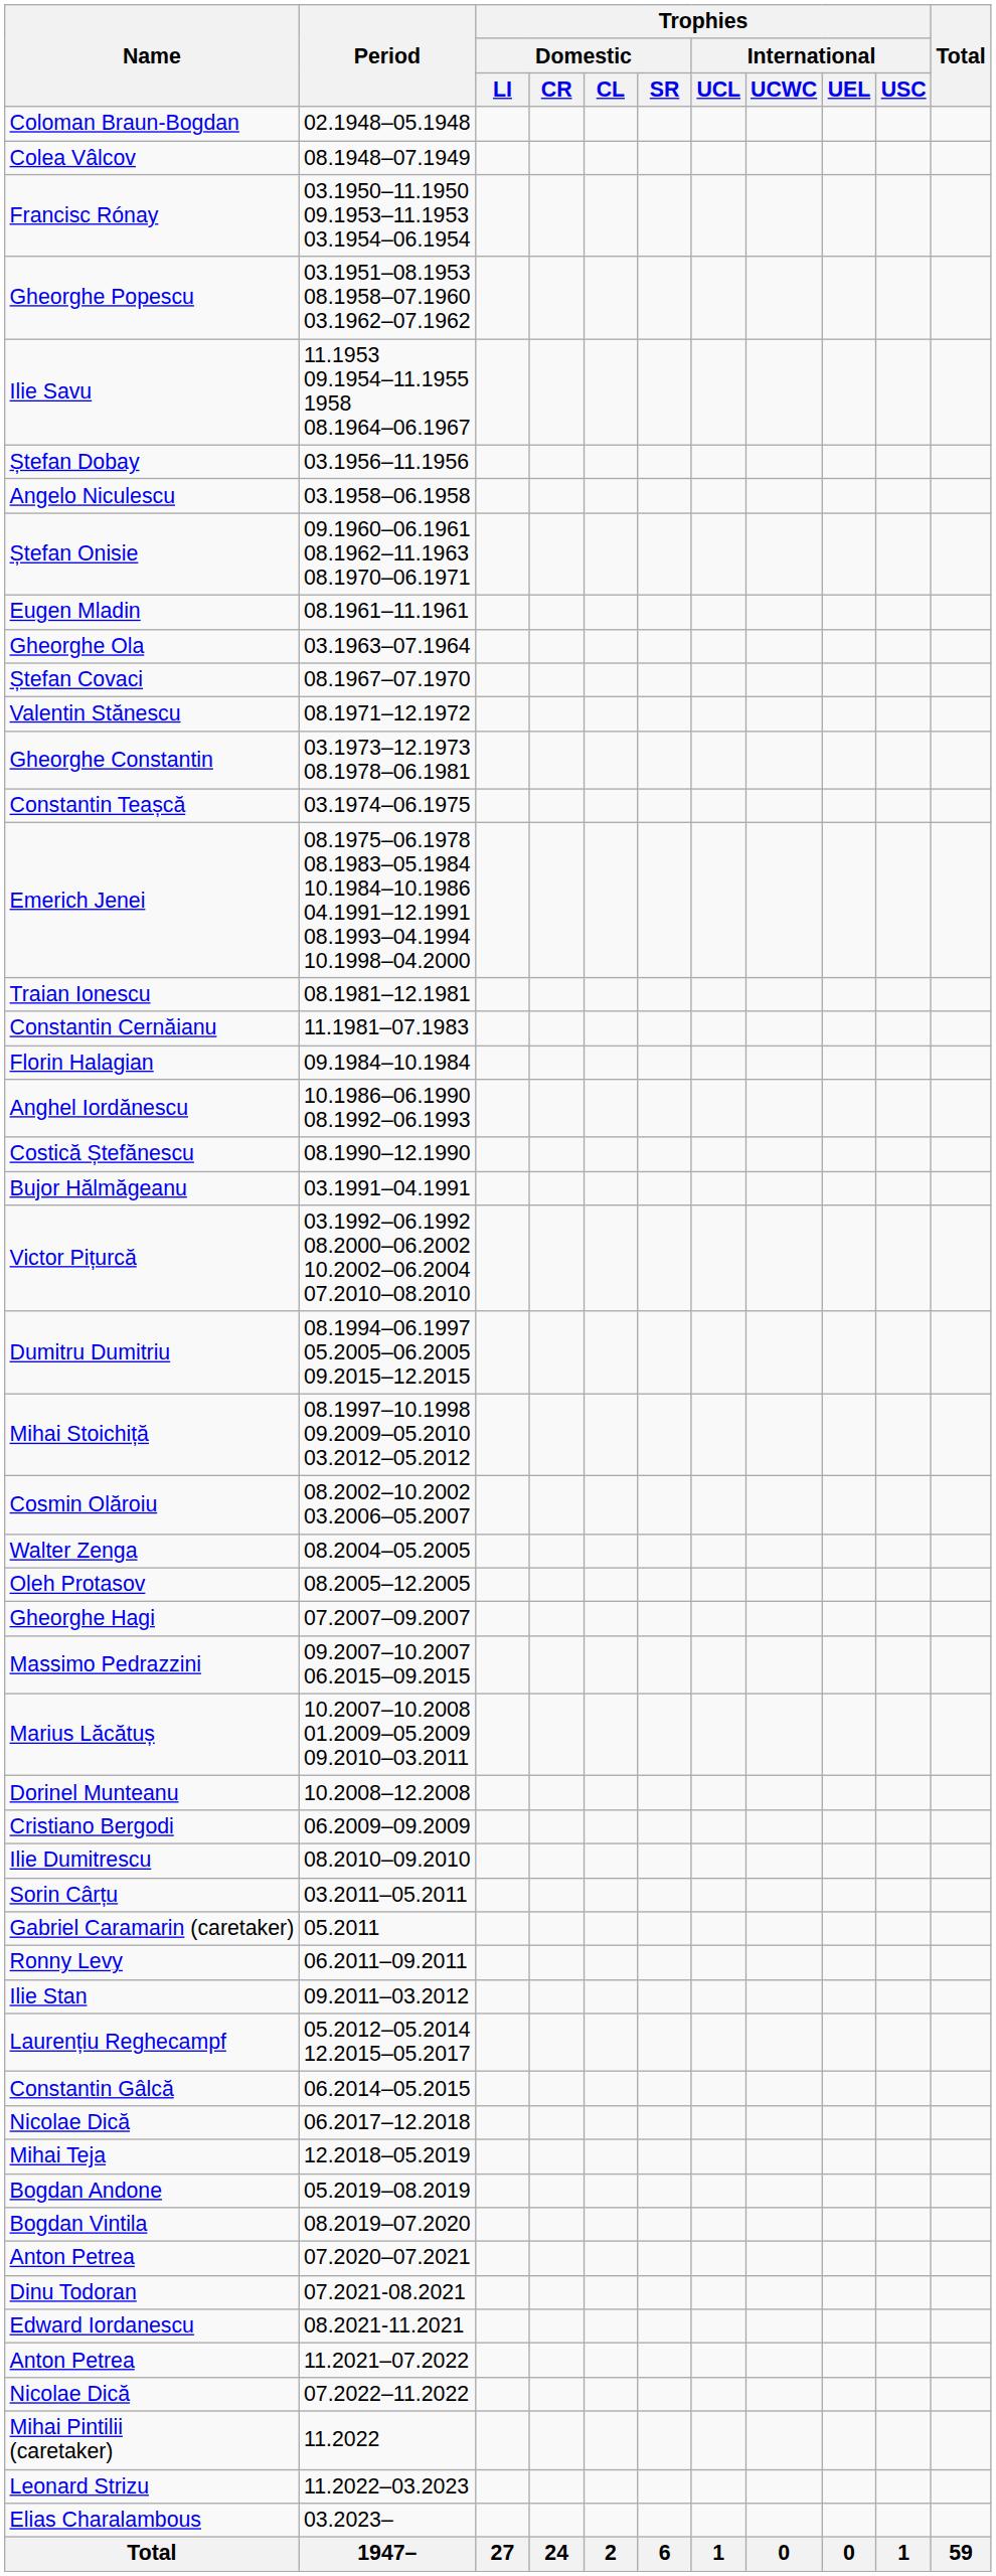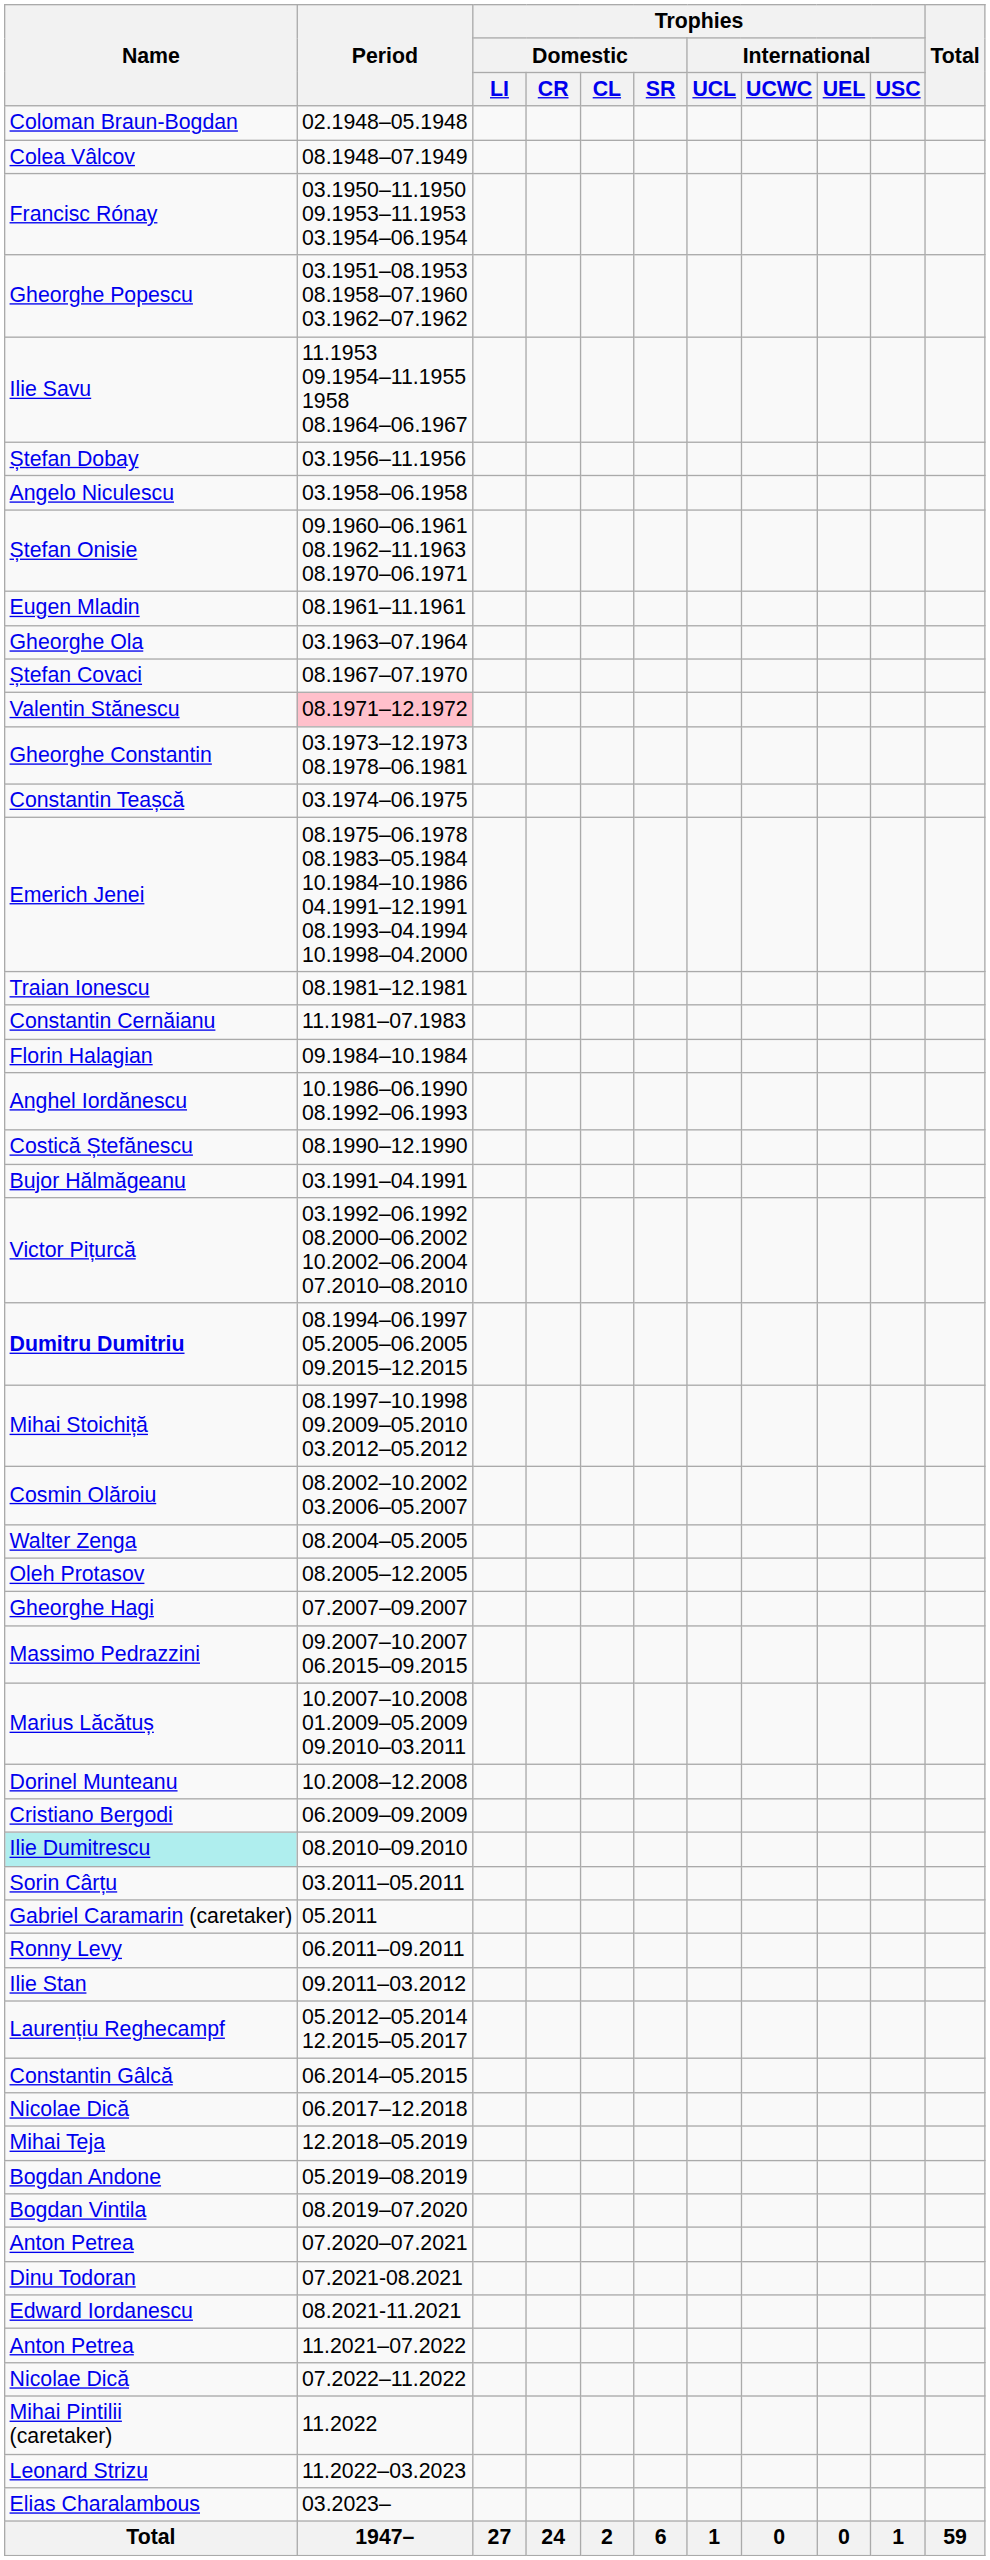 <table class="wikitable">
 <tr>
 <th rowspan="3">Name</th>
 <th rowspan="3">Period</th>
 <th colspan="8">Trophies</th>
 <th rowspan="3">Total</th>
 </tr>
 <tr>
 <th colspan="4">Domestic</th>
 <th colspan="4">International</th>
 </tr>
 <tr>
 <th width="33"><a href='#'>LI</a></th>
 <th width="33"><a href='#'>CR</a></th>
 <th width="33"><a href='#'>CL</a></th>
 <th width="33"><a href='#'>SR</a></th>
 <th width="33"><a href='#'>UCL</a></th>
 <th width="33"><a href='#'>UCWC</a></th>
 <th width="33"><a href='#'>UEL</a></th>
 <th width="33"><a href='#'>USC</a></th>
 </tr>
 <tr>
 <td> <a href='#'>Coloman Braun-Bogdan</a></td>
 <td>02.1948–05.1948</td>
 <td></td>
 <td></td>
 <td></td>
 <td></td>
 <td></td>
 <td></td>
 <td></td>
 <td></td>
 <td></td>
 </tr>
 <tr>
 <td> <a href='#'>Colea Vâlcov</a></td>
 <td>08.1948–07.1949</td>
 <td></td>
 <td></td>
 <td></td>
 <td></td>
 <td></td>
 <td></td>
 <td></td>
 <td></td>
 <td></td>
 </tr>
 <tr>
 <td> <a href='#'>Francisc Rónay</a></td>
 <td>03.1950–11.1950<br>09.1953–11.1953<br>03.1954–06.1954</td>
 <td></td>
 <td></td>
 <td></td>
 <td></td>
 <td></td>
 <td></td>
 <td></td>
 <td></td>
 <td></td>
 </tr>
 <tr>
 <td> <a href='#'>Gheorghe Popescu</a></td>
 <td>03.1951–08.1953<br>08.1958–07.1960<br>03.1962–07.1962</td>
 <td></td>
 <td></td>
 <td></td>
 <td></td>
 <td></td>
 <td></td>
 <td></td>
 <td></td>
 <td></td>
 </tr>
 <tr>
 <td> <a href='#'>Ilie Savu</a></td>
 <td>11.1953<br>09.1954–11.1955<br>1958<br>08.1964–06.1967</td>
 <td></td>
 <td></td>
 <td></td>
 <td></td>
 <td></td>
 <td></td>
 <td></td>
 <td></td>
 <td></td>
 </tr>
 <tr>
 <td> <a href='#'>Ștefan Dobay</a></td>
 <td>03.1956–11.1956</td>
 <td></td>
 <td></td>
 <td></td>
 <td></td>
 <td></td>
 <td></td>
 <td></td>
 <td></td>
 <td></td>
 </tr>
 <tr>
 <td> <a href='#'>Angelo Niculescu</a></td>
 <td>03.1958–06.1958</td>
 <td></td>
 <td></td>
 <td></td>
 <td></td>
 <td></td>
 <td></td>
 <td></td>
 <td></td>
 <td></td>
 </tr>
 <tr>
 <td> <a href='#'>Ștefan Onisie</a></td>
 <td>09.1960–06.1961<br>08.1962–11.1963<br>08.1970–06.1971</td>
 <td></td>
 <td></td>
 <td></td>
 <td></td>
 <td></td>
 <td></td>
 <td></td>
 <td></td>
 <td></td>
 </tr>
 <tr>
 <td> <a href='#'>Eugen Mladin</a></td>
 <td>08.1961–11.1961</td>
 <td></td>
 <td></td>
 <td></td>
 <td></td>
 <td></td>
 <td></td>
 <td></td>
 <td></td>
 <td></td>
 </tr>
 <tr>
 <td> <a href='#'>Gheorghe Ola</a></td>
 <td>03.1963–07.1964</td>
 <td></td>
 <td></td>
 <td></td>
 <td></td>
 <td></td>
 <td></td>
 <td></td>
 <td></td>
 <td></td>
 </tr>
 <tr>
 <td> <a href='#'>Ștefan Covaci</a></td>
 <td>08.1967–07.1970</td>
 <td></td>
 <td></td>
 <td></td>
 <td></td>
 <td></td>
 <td></td>
 <td></td>
 <td></td>
 <td></td>
 </tr>
 <tr>
 <td> <a href='#'>Valentin Stănescu</a></td>
-<td>08.1971–12.1972</td>
+<td style="background: pink;">08.1971–12.1972</td>
 <td></td>
 <td></td>
 <td></td>
 <td></td>
 <td></td>
 <td></td>
 <td></td>
 <td></td>
 <td></td>
 </tr>
 <tr>
 <td> <a href='#'>Gheorghe Constantin</a></td>
 <td>03.1973–12.1973<br>08.1978–06.1981</td>
 <td></td>
 <td></td>
 <td></td>
 <td></td>
 <td></td>
 <td></td>
 <td></td>
 <td></td>
 <td></td>
 </tr>
 <tr>
 <td> <a href='#'>Constantin Teașcă</a></td>
 <td>03.1974–06.1975</td>
 <td></td>
 <td></td>
 <td></td>
 <td></td>
 <td></td>
 <td></td>
 <td></td>
 <td></td>
 <td></td>
 </tr>
 <tr>
 <td> <a href='#'>Emerich Jenei</a></td>
 <td>08.1975–06.1978<br>08.1983–05.1984<br>10.1984–10.1986<br>04.1991–12.1991<br>08.1993–04.1994<br>10.1998–04.2000</td>
 <td></td>
 <td></td>
 <td></td>
 <td></td>
 <td></td>
 <td></td>
 <td></td>
 <td></td>
 <td></td>
 </tr>
 <tr>
 <td> <a href='#'>Traian Ionescu</a></td>
 <td>08.1981–12.1981</td>
 <td></td>
 <td></td>
 <td></td>
 <td></td>
 <td></td>
 <td></td>
 <td></td>
 <td></td>
 <td></td>
 </tr>
 <tr>
 <td> <a href='#'>Constantin Cernăianu</a></td>
 <td>11.1981–07.1983</td>
 <td></td>
 <td></td>
 <td></td>
 <td></td>
 <td></td>
 <td></td>
 <td></td>
 <td></td>
 <td></td>
 </tr>
 <tr>
 <td> <a href='#'>Florin Halagian</a></td>
 <td>09.1984–10.1984</td>
 <td></td>
 <td></td>
 <td></td>
 <td></td>
 <td></td>
 <td></td>
 <td></td>
 <td></td>
 <td></td>
 </tr>
 <tr>
 <td> <a href='#'>Anghel Iordănescu</a></td>
 <td>10.1986–06.1990<br>08.1992–06.1993</td>
 <td></td>
 <td></td>
 <td></td>
 <td></td>
 <td></td>
 <td></td>
 <td></td>
 <td></td>
 <td></td>
 </tr>
 <tr>
 <td> <a href='#'>Costică Ștefănescu</a></td>
 <td>08.1990–12.1990</td>
 <td></td>
 <td></td>
 <td></td>
 <td></td>
 <td></td>
 <td></td>
 <td></td>
 <td></td>
 <td></td>
 </tr>
 <tr>
 <td> <a href='#'>Bujor Hălmăgeanu</a></td>
 <td>03.1991–04.1991</td>
 <td></td>
 <td></td>
 <td></td>
 <td></td>
 <td></td>
 <td></td>
 <td></td>
 <td></td>
 <td></td>
 </tr>
 <tr>
 <td> <a href='#'>Victor Pițurcă</a></td>
 <td>03.1992–06.1992<br>08.2000–06.2002<br>10.2002–06.2004<br>07.2010–08.2010</td>
 <td></td>
 <td></td>
 <td></td>
 <td></td>
 <td></td>
 <td></td>
 <td></td>
 <td></td>
 <td></td>
 </tr>
 <tr>
-<td> <a href='#'>Dumitru Dumitriu</a></td>
+<td><strong> <a href='#'>Dumitru Dumitriu</a></strong></td>
 <td>08.1994–06.1997<br>05.2005–06.2005<br>09.2015–12.2015</td>
 <td></td>
 <td></td>
 <td></td>
 <td></td>
 <td></td>
 <td></td>
 <td></td>
 <td></td>
 <td></td>
 </tr>
 <tr>
 <td> <a href='#'>Mihai Stoichiță</a></td>
 <td>08.1997–10.1998<br>09.2009–05.2010<br>03.2012–05.2012</td>
 <td></td>
 <td></td>
 <td></td>
 <td></td>
 <td></td>
 <td></td>
 <td></td>
 <td></td>
 <td></td>
 </tr>
 <tr>
 <td> <a href='#'>Cosmin Olăroiu</a></td>
 <td>08.2002–10.2002<br>03.2006–05.2007</td>
 <td></td>
 <td></td>
 <td></td>
 <td></td>
 <td></td>
 <td></td>
 <td></td>
 <td></td>
 <td></td>
 </tr>
 <tr>
 <td> <a href='#'>Walter Zenga</a></td>
 <td>08.2004–05.2005</td>
 <td></td>
 <td></td>
 <td></td>
 <td></td>
 <td></td>
 <td></td>
 <td></td>
 <td></td>
 <td></td>
 </tr>
 <tr>
 <td> <a href='#'>Oleh Protasov</a></td>
 <td>08.2005–12.2005</td>
 <td></td>
 <td></td>
 <td></td>
 <td></td>
 <td></td>
 <td></td>
 <td></td>
 <td></td>
 <td></td>
 </tr>
 <tr>
 <td> <a href='#'>Gheorghe Hagi</a></td>
 <td>07.2007–09.2007</td>
 <td></td>
 <td></td>
 <td></td>
 <td></td>
 <td></td>
 <td></td>
 <td></td>
 <td></td>
 <td></td>
 </tr>
 <tr>
 <td> <a href='#'>Massimo Pedrazzini</a></td>
 <td>09.2007–10.2007<br>06.2015–09.2015</td>
 <td></td>
 <td></td>
 <td></td>
 <td></td>
 <td></td>
 <td></td>
 <td></td>
 <td></td>
 <td></td>
 </tr>
 <tr>
 <td> <a href='#'>Marius Lăcătuș</a></td>
 <td>10.2007–10.2008<br>01.2009–05.2009<br>09.2010–03.2011</td>
 <td></td>
 <td></td>
 <td></td>
 <td></td>
 <td></td>
 <td></td>
 <td></td>
 <td></td>
 <td></td>
 </tr>
 <tr>
 <td> <a href='#'>Dorinel Munteanu</a></td>
 <td>10.2008–12.2008</td>
 <td></td>
 <td></td>
 <td></td>
 <td></td>
 <td></td>
 <td></td>
 <td></td>
 <td></td>
 <td></td>
 </tr>
 <tr>
 <td> <a href='#'>Cristiano Bergodi</a></td>
 <td>06.2009–09.2009</td>
 <td></td>
 <td></td>
 <td></td>
 <td></td>
 <td></td>
 <td></td>
 <td></td>
 <td></td>
 <td></td>
 </tr>
 <tr>
-<td> <a href='#'>Ilie Dumitrescu</a></td>
+<td style="background: paleturquoise;"> <a href='#'>Ilie Dumitrescu</a></td>
 <td>08.2010–09.2010</td>
 <td></td>
 <td></td>
 <td></td>
 <td></td>
 <td></td>
 <td></td>
 <td></td>
 <td></td>
 <td></td>
 </tr>
 <tr>
 <td> <a href='#'>Sorin Cârțu</a></td>
 <td>03.2011–05.2011</td>
 <td></td>
 <td></td>
 <td></td>
 <td></td>
 <td></td>
 <td></td>
 <td></td>
 <td></td>
 <td></td>
 </tr>
 <tr>
 <td> <a href='#'>Gabriel Caramarin</a> (caretaker)</td>
 <td>05.2011</td>
 <td></td>
 <td></td>
 <td></td>
 <td></td>
 <td></td>
 <td></td>
 <td></td>
 <td></td>
 <td></td>
 </tr>
 <tr>
 <td> <a href='#'>Ronny Levy</a></td>
 <td>06.2011–09.2011</td>
 <td></td>
 <td></td>
 <td></td>
 <td></td>
 <td></td>
 <td></td>
 <td></td>
 <td></td>
 <td></td>
 </tr>
 <tr>
 <td> <a href='#'>Ilie Stan</a></td>
 <td>09.2011–03.2012</td>
 <td></td>
 <td></td>
 <td></td>
 <td></td>
 <td></td>
 <td></td>
 <td></td>
 <td></td>
 <td></td>
 </tr>
 <tr>
 <td> <a href='#'>Laurențiu Reghecampf</a></td>
 <td>05.2012–05.2014<br>12.2015–05.2017</td>
 <td></td>
 <td></td>
 <td></td>
 <td></td>
 <td></td>
 <td></td>
 <td></td>
 <td></td>
 <td></td>
 </tr>
 <tr>
 <td> <a href='#'>Constantin Gâlcă</a></td>
 <td>06.2014–05.2015</td>
 <td></td>
 <td></td>
 <td></td>
 <td></td>
 <td></td>
 <td></td>
 <td></td>
 <td></td>
 <td></td>
 </tr>
 <tr>
 <td> <a href='#'>Nicolae Dică</a></td>
 <td>06.2017–12.2018</td>
 <td></td>
 <td></td>
 <td></td>
 <td></td>
 <td></td>
 <td></td>
 <td></td>
 <td></td>
 <td></td>
 </tr>
 <tr>
 <td> <a href='#'>Mihai Teja</a></td>
 <td>12.2018–05.2019</td>
 <td></td>
 <td></td>
 <td></td>
 <td></td>
 <td></td>
 <td></td>
 <td></td>
 <td></td>
 <td></td>
 </tr>
 <tr>
 <td> <a href='#'>Bogdan Andone</a></td>
 <td>05.2019–08.2019</td>
 <td></td>
 <td></td>
 <td></td>
 <td></td>
 <td></td>
 <td></td>
 <td></td>
 <td></td>
 <td></td>
 </tr>
 <tr>
 <td> <a href='#'>Bogdan Vintila</a></td>
 <td>08.2019–07.2020</td>
 <td></td>
 <td></td>
 <td></td>
 <td></td>
 <td></td>
 <td></td>
 <td></td>
 <td></td>
 <td></td>
 </tr>
 <tr>
 <td> <a href='#'>Anton Petrea</a></td>
 <td>07.2020–07.2021</td>
 <td></td>
 <td></td>
 <td></td>
 <td></td>
 <td></td>
 <td></td>
 <td></td>
 <td></td>
 <td></td>
 </tr>
 <tr>
 <td> <a href='#'>Dinu Todoran</a></td>
 <td>07.2021-08.2021</td>
 <td></td>
 <td></td>
 <td></td>
 <td></td>
 <td></td>
 <td></td>
 <td></td>
 <td></td>
 <td></td>
 </tr>
 <tr>
 <td> <a href='#'>Edward Iordanescu</a></td>
 <td>08.2021-11.2021</td>
 <td></td>
 <td></td>
 <td></td>
 <td></td>
 <td></td>
 <td></td>
 <td></td>
 <td></td>
 <td></td>
 </tr>
 <tr>
 <td> <a href='#'>Anton Petrea</a></td>
 <td>11.2021–07.2022</td>
 <td></td>
 <td></td>
 <td></td>
 <td></td>
 <td></td>
 <td></td>
 <td></td>
 <td></td>
 <td></td>
 </tr>
 <tr>
 <td> <a href='#'>Nicolae Dică</a></td>
 <td>07.2022–11.2022</td>
 <td></td>
 <td></td>
 <td></td>
 <td></td>
 <td></td>
 <td></td>
 <td></td>
 <td></td>
 <td></td>
 </tr>
 <tr>
 <td> <a href='#'>Mihai Pintilii</a><br>(caretaker)</td>
 <td>11.2022</td>
 <td></td>
 <td></td>
 <td></td>
 <td></td>
 <td></td>
 <td></td>
 <td></td>
 <td></td>
 <td></td>
 </tr>
 <tr>
 <td> <a href='#'>Leonard Strizu</a></td>
 <td>11.2022–03.2023</td>
 <td></td>
 <td></td>
 <td></td>
 <td></td>
 <td></td>
 <td></td>
 <td></td>
 <td></td>
 <td></td>
 </tr>
 <tr>
 <td> <a href='#'>Elias Charalambous</a></td>
 <td>03.2023–</td>
 <td></td>
 <td></td>
 <td></td>
 <td></td>
 <td></td>
 <td></td>
 <td></td>
 <td></td>
 <td></td>
 </tr>
 <tr>
 <th>Total</th>
 <th>1947–</th>
 <th>27</th>
 <th>24</th>
 <th>2</th>
 <th>6</th>
 <th>1</th>
 <th>0</th>
 <th>0</th>
 <th>1</th>
 <th>59</th>
 </tr>
 </table>
